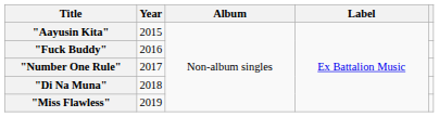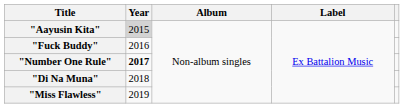 <table class="wikitable plainrowheaders" style="text-align:center;">
 <tr>
 <th scope="col" rowspan="1" style="width:16em;">Title</th>
 <th scope="col" rowspan="1" style="width:2em;">Year</th>
 <th scope="col" rowspan="1" style="width:16.5em;">Album</th>
 <th scope="col" rowspan="1" style="width:16.5em;">Label</th>
 <th scope="col" class="unsortable"></th>
 </tr>
 <tr>
 <th scope="row">"Aayusin Kita" <br></th>
-<td>2015</td>
+<td style="background: lightgrey;">2015</td>
 <td rowspan="5" align="center">Non-album singles</td>
 <td rowspan="5" align="center"><a href='#'>Ex Battalion Music</a></td>
 <td></td>
 </tr>
 <tr>
 <th scope="row">"Fuck Buddy" <br></th>
 <td>2016</td>
 <td></td>
 </tr>
 <tr>
 <th scope="row">"Number One Rule" <br></th>
-<td>2017</td>
+<td><strong>2017</strong></td>
 <td></td>
 </tr>
 <tr>
 <th scope="row">"Di Na Muna"</th>
 <td>2018</td>
 <td></td>
 </tr>
 <tr>
 <th scope="row">"Miss Flawless" <br></th>
 <td>2019</td>
 <td></td>
 </tr>
 </table>
